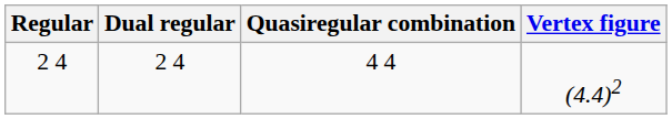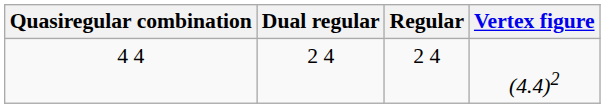 <table class="wikitable">
 <tr>
+<th>Quasiregular combination</th>
+<th>Dual regular</th>
 <th>Regular</th>
-<th>Dual regular</th>
-<th>Quasiregular combination</th>
 <th><a href='#'>Vertex figure</a></th>
 </tr>
 <tr valign=top align=center>
+<td>4 4</td>
 <td>2 4</td>
 <td>2 4</td>
-<td>4 4</td>
 <td><br><em>(4.4)<sup>2</sup></em></td>
 </tr>
 </table>
